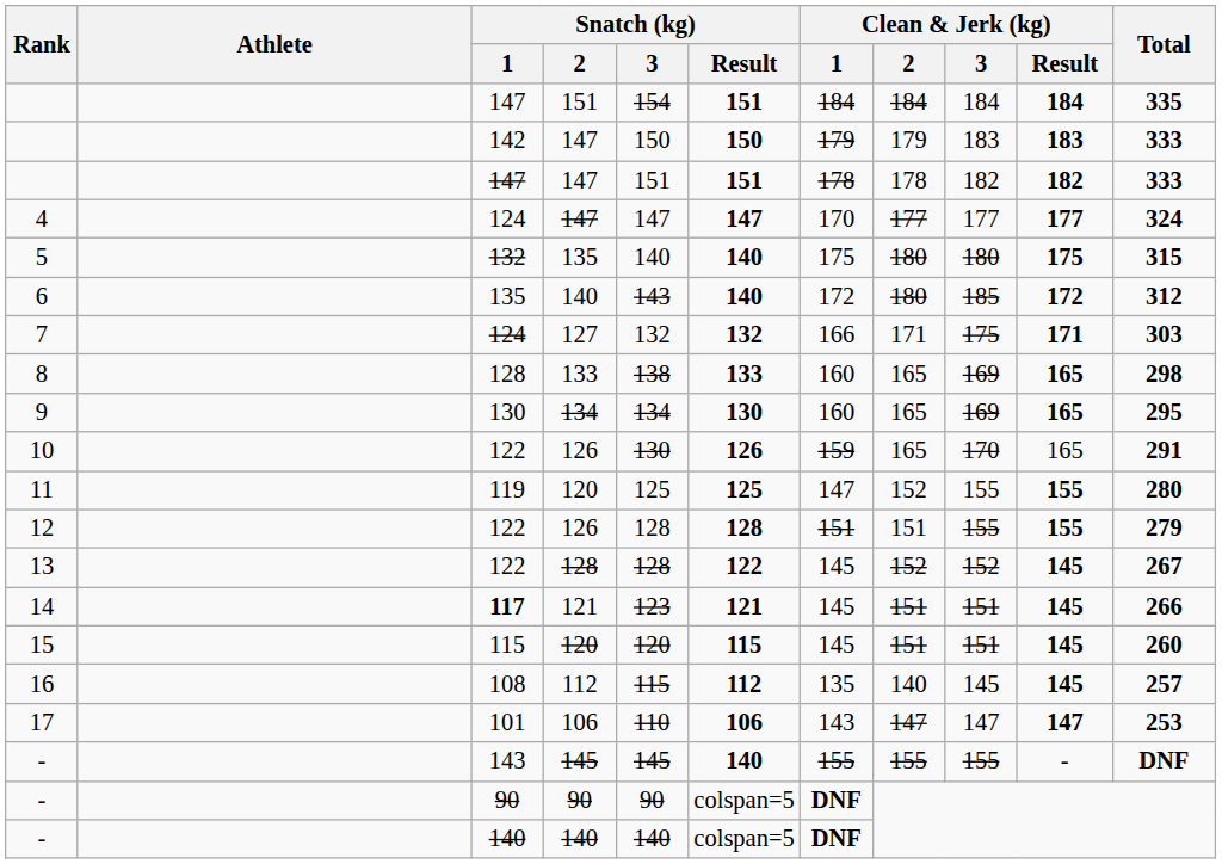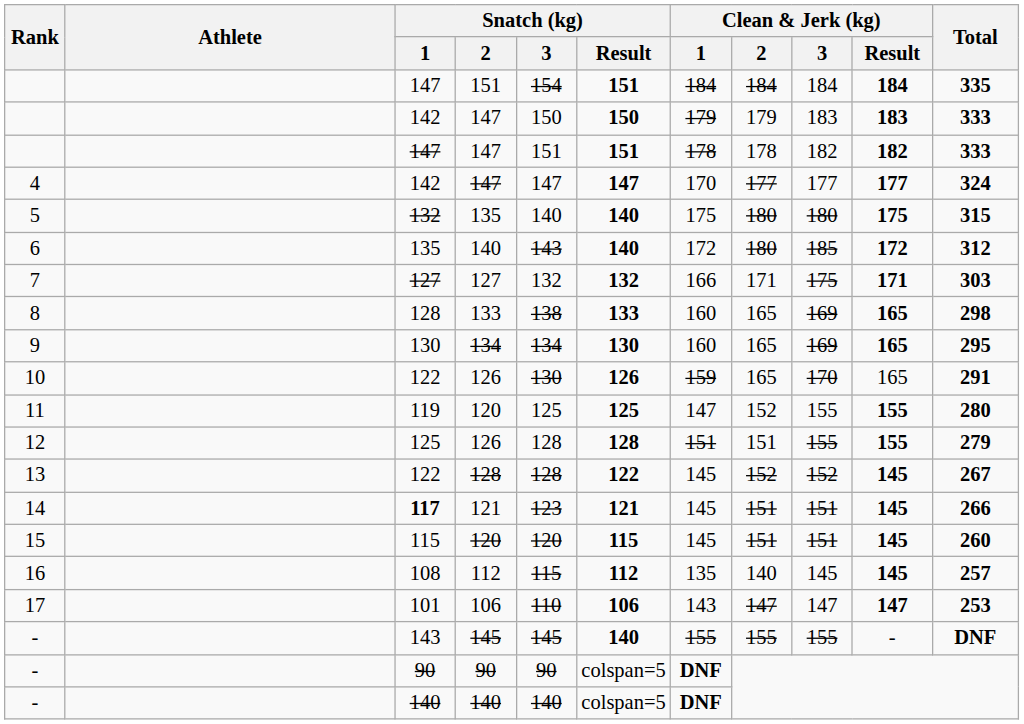 <table class = "wikitable" style="text-align:center;">
 <tr>
 <th rowspan=2 width=40>Rank</th>
 <th rowspan=2 width=250>Athlete</th>
 <th colspan=4>Snatch (kg)</th>
 <th colspan=4>Clean & Jerk (kg)</th>
 <th rowspan=2 width=60>Total</th>
 </tr>
 <tr>
 <th width=40>1</th>
 <th width=40>2</th>
 <th width=40>3</th>
 <th width=55>Result</th>
 <th width=40>1</th>
 <th width=40>2</th>
 <th width=40>3</th>
 <th width=55>Result</th>
 </tr>
 <tr>
 <td></td>
 <td align=left></td>
 <td>147</td>
 <td>151</td>
 <td><s>154</s></td>
 <td><strong>151</strong></td>
 <td><s>184</s></td>
 <td><s>184</s></td>
 <td>184</td>
 <td><strong>184</strong></td>
 <td><strong>335</strong></td>
 </tr>
 <tr>
 <td></td>
 <td align=left></td>
 <td>142</td>
 <td>147</td>
 <td>150</td>
 <td><strong>150</strong></td>
 <td><s>179</s></td>
 <td>179</td>
 <td>183</td>
 <td><strong>183</strong></td>
 <td><strong>333</strong></td>
 </tr>
 <tr>
 <td></td>
 <td align=left></td>
 <td><s>147</s></td>
 <td>147</td>
 <td>151</td>
 <td><strong>151</strong></td>
 <td><s>178</s></td>
 <td>178</td>
 <td>182</td>
 <td><strong>182</strong></td>
 <td><strong>333</strong></td>
 </tr>
 <tr>
 <td>4</td>
 <td align=left></td>
-<td>124</td>
+<td>142</td>
 <td><s>147</s></td>
 <td>147</td>
 <td><strong>147</strong></td>
 <td>170</td>
 <td><s>177</s></td>
 <td>177</td>
 <td><strong>177</strong></td>
 <td><strong>324</strong></td>
 </tr>
 <tr>
 <td>5</td>
 <td align=left></td>
 <td><s>132</s></td>
 <td>135</td>
 <td>140</td>
 <td><strong>140</strong></td>
 <td>175</td>
 <td><s>180</s></td>
 <td><s>180</s></td>
 <td><strong>175</strong></td>
 <td><strong>315</strong></td>
 </tr>
 <tr>
 <td>6</td>
 <td align=left></td>
 <td>135</td>
 <td>140</td>
 <td><s>143</s></td>
 <td><strong>140</strong></td>
 <td>172</td>
 <td><s>180</s></td>
 <td><s>185</s></td>
 <td><strong>172</strong></td>
 <td><strong>312</strong></td>
 </tr>
 <tr>
 <td>7</td>
 <td align=left></td>
-<td><s>124</s></td>
+<td><s>127</s></td>
 <td>127</td>
 <td>132</td>
 <td><strong>132</strong></td>
 <td>166</td>
 <td>171</td>
 <td><s>175</s></td>
 <td><strong>171</strong></td>
 <td><strong>303</strong></td>
 </tr>
 <tr>
 <td>8</td>
 <td align=left></td>
 <td>128</td>
 <td>133</td>
 <td><s>138</s></td>
 <td><strong>133</strong></td>
 <td>160</td>
 <td>165</td>
 <td><s>169</s></td>
 <td><strong>165</strong></td>
 <td><strong>298</strong></td>
 </tr>
 <tr>
 <td>9</td>
 <td align=left></td>
 <td>130</td>
 <td><s>134</s></td>
 <td><s>134</s></td>
 <td><strong>130</strong></td>
 <td>160</td>
 <td>165</td>
 <td><s>169</s></td>
 <td><strong>165</strong></td>
 <td><strong>295</strong></td>
 </tr>
 <tr>
 <td>10</td>
 <td align=left></td>
 <td>122</td>
 <td>126</td>
 <td><s>130</s></td>
 <td><strong>126</strong></td>
 <td><s>159</s></td>
 <td>165</td>
 <td><s>170</s></td>
 <td>165</td>
 <td><strong>291</strong></td>
 </tr>
 <tr>
 <td>11</td>
 <td align=left></td>
 <td>119</td>
 <td>120</td>
 <td>125</td>
 <td><strong>125</strong></td>
 <td>147</td>
 <td>152</td>
 <td>155</td>
 <td><strong>155</strong></td>
 <td><strong>280</strong></td>
 </tr>
 <tr>
 <td>12</td>
 <td align=left></td>
-<td>122</td>
+<td>125</td>
 <td>126</td>
 <td>128</td>
 <td><strong>128</strong></td>
 <td><s>151</s></td>
 <td>151</td>
 <td><s>155</s></td>
 <td><strong>155</strong></td>
 <td><strong>279</strong></td>
 </tr>
 <tr>
 <td>13</td>
 <td align=left></td>
 <td>122</td>
 <td><s>128</s></td>
 <td><s>128</s></td>
 <td><strong>122</strong></td>
 <td>145</td>
 <td><s>152</s></td>
 <td><s>152</s></td>
 <td><strong>145</strong></td>
 <td><strong>267</strong></td>
 </tr>
 <tr>
 <td>14</td>
 <td align=left></td>
 <td><strong>117</strong></td>
 <td>121</td>
 <td><s>123</s></td>
 <td><strong>121</strong></td>
 <td>145</td>
 <td><s>151</s></td>
 <td><s>151</s></td>
 <td><strong>145</strong></td>
 <td><strong>266</strong></td>
 </tr>
 <tr>
 <td>15</td>
 <td align=left></td>
 <td>115</td>
 <td><s>120</s></td>
 <td><s>120</s></td>
 <td><strong>115</strong></td>
 <td>145</td>
 <td><s>151</s></td>
 <td><s>151</s></td>
 <td><strong>145</strong></td>
 <td><strong>260</strong></td>
 </tr>
 <tr>
 <td>16</td>
 <td align=left></td>
 <td>108</td>
 <td>112</td>
 <td><s>115</s></td>
 <td><strong>112</strong></td>
 <td>135</td>
 <td>140</td>
 <td>145</td>
 <td><strong>145</strong></td>
 <td><strong>257</strong></td>
 </tr>
 <tr>
 <td>17</td>
 <td align=left></td>
 <td>101</td>
 <td>106</td>
 <td><s>110</s></td>
 <td><strong>106</strong></td>
 <td>143</td>
 <td><s>147</s></td>
 <td>147</td>
 <td><strong>147</strong></td>
 <td><strong>253</strong></td>
 </tr>
 <tr>
 <td>-</td>
 <td align=left></td>
 <td>143</td>
 <td><s>145</s></td>
 <td><s>145</s></td>
 <td><strong>140</strong></td>
 <td><s>155</s></td>
 <td><s>155</s></td>
 <td><s>155</s></td>
 <td>-</td>
 <td><strong>DNF</strong></td>
 </tr>
 <tr>
 <td>-</td>
 <td align=left></td>
 <td><s>90</s></td>
 <td><s>90</s></td>
 <td><s>90</s></td>
 <td>colspan=5 </td>
 <td><strong>DNF</strong></td>
 </tr>
 <tr>
 <td>-</td>
 <td align=left></td>
 <td><s>140</s></td>
 <td><s>140</s></td>
 <td><s>140</s></td>
 <td>colspan=5 </td>
 <td><strong>DNF</strong></td>
 </tr>
 </table>
